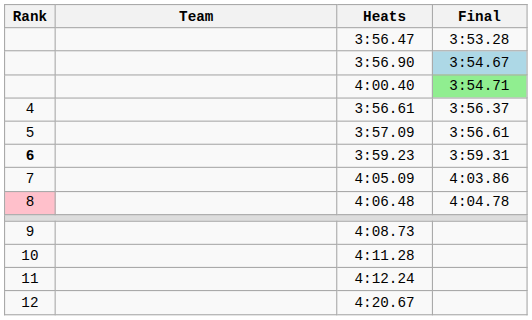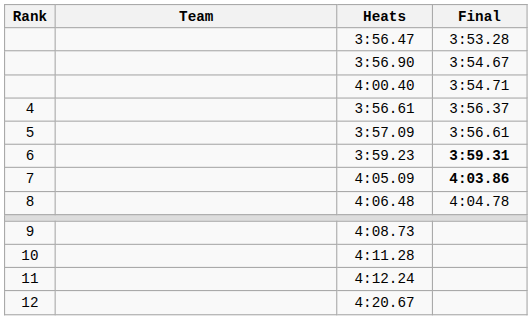 <table class=wikitable style="text-align:center">
 <tr>
 <th width=40>Rank</th>
 <th width=250>Team</th>
 <th width=80>Heats</th>
 <th width=80>Final</th>
 </tr>
 <tr>
 <td></td>
 <td align=left></td>
 <td>3:56.47</td>
 <td>3:53.28</td>
 </tr>
 <tr>
 <td></td>
 <td align=left></td>
 <td>3:56.90</td>
-<td style="background: lightblue;">3:54.67</td>
+<td>3:54.67</td>
 </tr>
 <tr>
 <td></td>
 <td align=left></td>
 <td>4:00.40</td>
-<td style="background: lightgreen;">3:54.71</td>
+<td>3:54.71</td>
 </tr>
 <tr>
 <td>4</td>
 <td align=left></td>
 <td>3:56.61</td>
 <td>3:56.37</td>
 </tr>
 <tr>
 <td>5</td>
 <td align=left></td>
 <td>3:57.09</td>
 <td>3:56.61</td>
 </tr>
 <tr>
-<td><strong>6</strong></td>
+<td>6</td>
 <td align=left></td>
 <td>3:59.23</td>
-<td>3:59.31</td>
+<td><strong>3:59.31</strong></td>
 </tr>
 <tr>
 <td>7</td>
 <td align=left></td>
 <td>4:05.09</td>
-<td>4:03.86</td>
+<td><strong>4:03.86</strong></td>
 </tr>
 <tr>
-<td style="background: pink;">8</td>
+<td>8</td>
 <td align=left></td>
 <td>4:06.48</td>
 <td>4:04.78</td>
 </tr>
 <tr bgcolor=#DDDDDD>
 <td colspan=4></td>
 </tr>
 <tr>
 <td>9</td>
 <td align=left></td>
 <td>4:08.73</td>
 <td></td>
 </tr>
 <tr>
 <td>10</td>
 <td align=left></td>
 <td>4:11.28</td>
 <td></td>
 </tr>
 <tr>
 <td>11</td>
 <td align=left></td>
 <td>4:12.24</td>
 <td></td>
 </tr>
 <tr>
 <td>12</td>
 <td align=left></td>
 <td>4:20.67</td>
 <td></td>
 </tr>
 </table>
